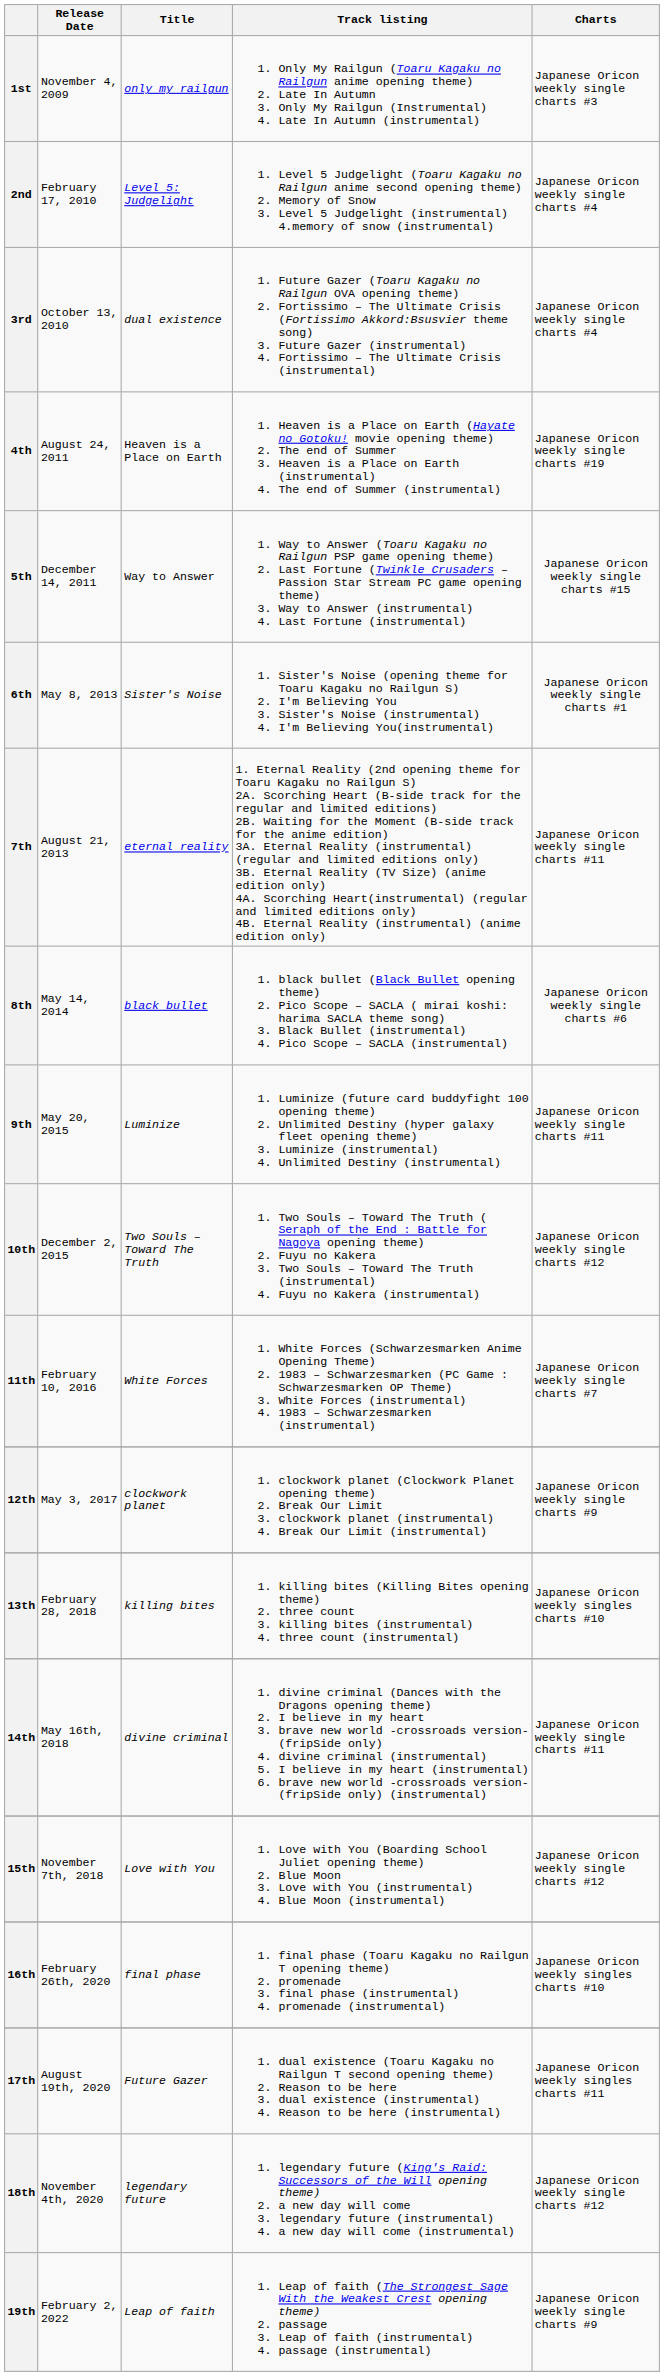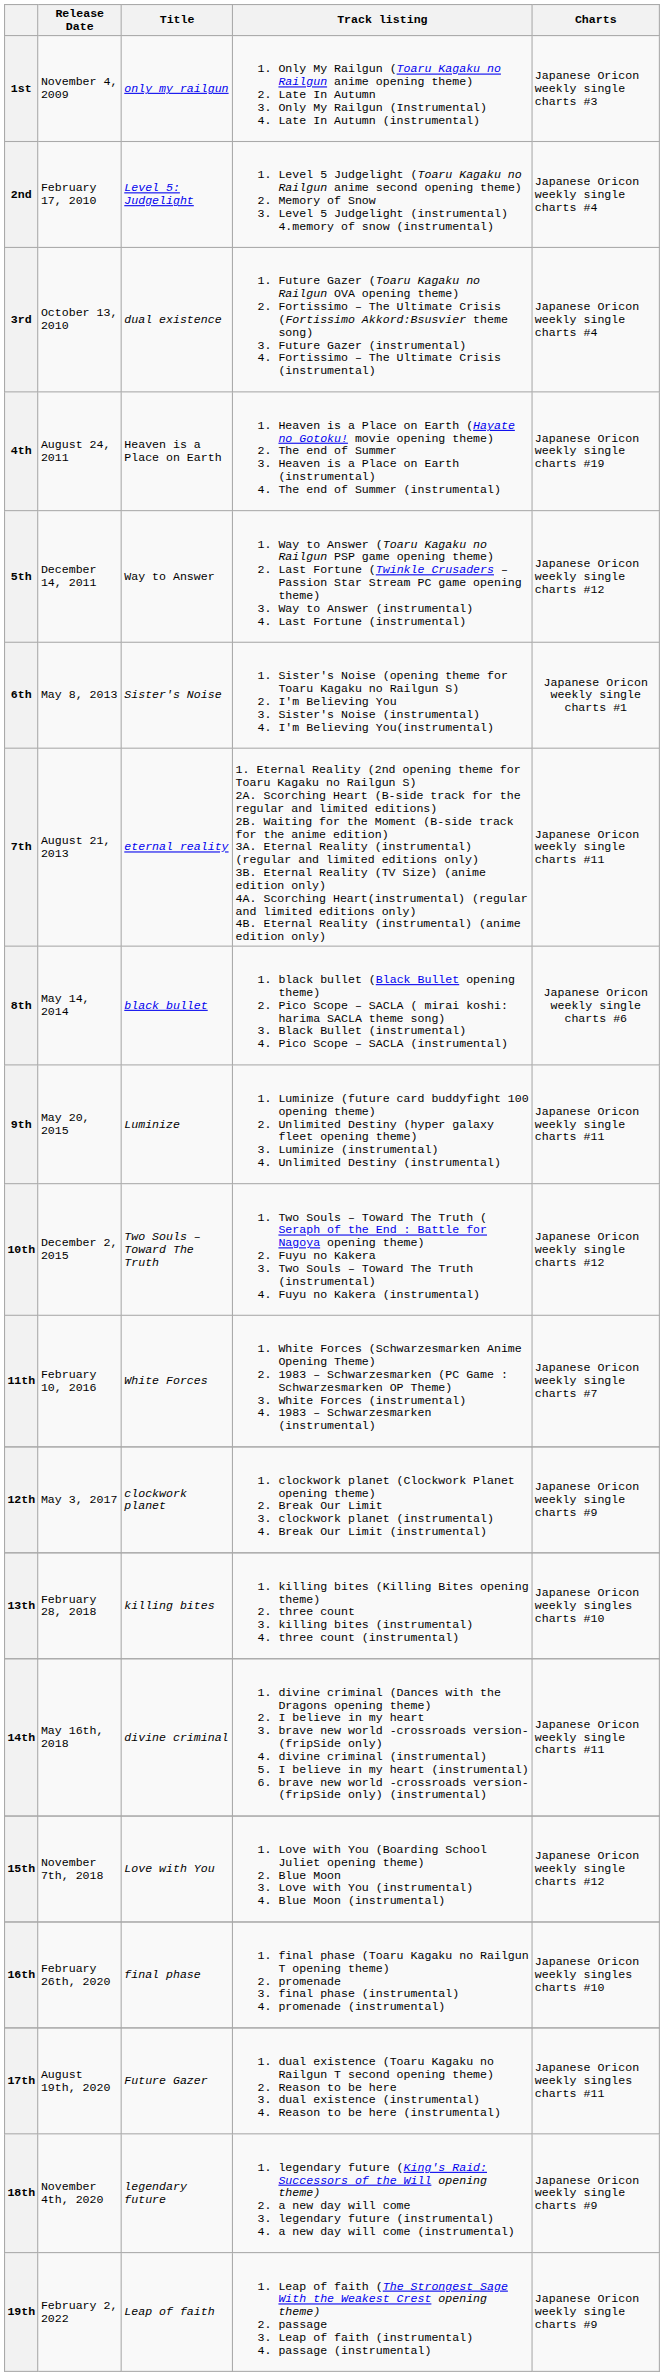 <table class="wikitable" style="font-size:smaller">
 <tr>
 <th> </th>
 <th>Release Date</th>
 <th>Title</th>
 <th>Track listing</th>
 <th>Charts</th>
 </tr>
 <tr>
 <th>1st</th>
 <td>November 4, 2009</td>
 <td><em><a href='#'>only my railgun</a></em></td>
 <td><br><ol><li>Only My Railgun (<em><a href='#'>Toaru Kagaku no Railgun</a></em> anime opening theme)</li><li>Late In Autumn</li><li>Only My Railgun (Instrumental)</li><li>Late In Autumn (instrumental)</li></ol></td>
 <td>Japanese Oricon weekly single charts #3</td>
 </tr>
 <tr>
 <th>2nd</th>
 <td>February 17, 2010</td>
 <td><em><a href='#'>Level 5: Judgelight</a></em></td>
 <td><br><ol><li>Level 5 Judgelight (<em>Toaru Kagaku no Railgun</em> anime second opening theme)</li><li>Memory of Snow</li><li>Level 5 Judgelight  (instrumental)<br>4.memory of snow (instrumental)</li></ol></td>
 <td>Japanese Oricon weekly single charts #4</td>
 </tr>
 <tr>
 <th>3rd</th>
 <td>October 13, 2010</td>
 <td><em>dual existence</em></td>
 <td><br><ol><li>Future Gazer (<em>Toaru Kagaku no Railgun</em> OVA opening theme)</li><li>Fortissimo – The Ultimate Crisis (<em>Fortissimo Akkord:Bsusvier</em> theme song)</li><li>Future Gazer (instrumental)</li><li>Fortissimo – The Ultimate Crisis (instrumental)</li></ol></td>
 <td>Japanese Oricon weekly single charts #4</td>
 </tr>
 <tr>
 <th>4th</th>
 <td>August 24, 2011</td>
 <td>Heaven is a Place on Earth</td>
 <td><br><ol><li>Heaven is a Place on Earth (<em><a href='#'>Hayate no Gotoku!</a></em> movie opening theme)</li><li>The end of Summer</li><li>Heaven is a Place on Earth (instrumental)</li><li>The end of Summer (instrumental)</li></ol></td>
 <td>Japanese Oricon  weekly single charts #19</td>
 </tr>
 <tr>
 <th>5th</th>
 <td>December 14, 2011</td>
 <td>Way to Answer</td>
 <td><br><ol><li>Way to Answer (<em>Toaru Kagaku no Railgun</em> PSP game opening theme)</li><li>Last Fortune (<em><a href='#'>Twinkle Crusaders</a></em> – Passion Star Stream PC game opening theme)</li><li>Way to Answer (instrumental)</li><li>Last Fortune (instrumental)</li></ol></td>
-<td align="center">Japanese Oricon weekly single charts #15</td>
+<td>Japanese Oricon weekly single charts #12</td>
 </tr>
 <tr>
 <th>6th</th>
 <td>May 8, 2013</td>
 <td><em>Sister's Noise</em></td>
 <td><br><ol><li>Sister's Noise (opening theme for Toaru Kagaku no Railgun S)</li><li>I'm Believing You</li><li>Sister's Noise (instrumental)</li><li>I'm Believing You(instrumental)</li></ol></td>
 <td align="center">Japanese Oricon weekly single charts #1</td>
 </tr>
 <tr>
 <th>7th</th>
 <td>August 21, 2013</td>
 <td><em><a href='#'>eternal reality</a></em></td>
 <td><br>1. Eternal Reality (2nd opening theme for Toaru Kagaku no Railgun S)<br>2A. Scorching Heart (B-side track for the regular and limited editions)<br>2B. Waiting for the Moment (B-side track for the anime edition)<br>3A. Eternal Reality (instrumental) (regular and limited editions only)<br>3B. Eternal Reality (TV Size) (anime edition only)<br>4A. Scorching Heart(instrumental) (regular and limited editions only)<br>4B. Eternal Reality (instrumental) (anime edition only)</td>
 <td>Japanese Oricon weekly single charts #11</td>
 </tr>
 <tr>
 <th>8th</th>
 <td>May 14, 2014</td>
 <td><em><a href='#'>black bullet</a></em></td>
 <td><br><ol><li>black bullet (<a href='#'>Black Bullet</a> opening theme)</li><li>Pico Scope – SACLA ( mirai koshi: harima SACLA theme song)</li><li>Black Bullet (instrumental)</li><li>Pico Scope – SACLA (instrumental)</li></ol></td>
 <td align="center">Japanese Oricon weekly single charts #6</td>
 </tr>
 <tr>
 <th>9th</th>
 <td>May 20, 2015</td>
 <td><em>Luminize</em></td>
 <td><br><ol><li>Luminize (future card buddyfight 100 opening theme)</li><li>Unlimited Destiny (hyper galaxy fleet opening theme)</li><li>Luminize (instrumental)</li><li>Unlimited Destiny (instrumental)</li></ol></td>
 <td>Japanese Oricon weekly single charts #11</td>
 </tr>
 <tr>
 <th>10th</th>
 <td>December 2, 2015</td>
 <td><em>Two Souls – Toward The Truth</em></td>
 <td><br><ol><li>Two Souls – Toward The Truth ( <a href='#'> Seraph of the End : Battle for Nagoya</a> opening theme)</li><li>Fuyu no Kakera</li><li>Two Souls – Toward The Truth (instrumental)</li><li>Fuyu no Kakera (instrumental)</li></ol></td>
 <td>Japanese Oricon weekly single charts #12</td>
 </tr>
 <tr>
 <th>11th</th>
 <td>February 10, 2016</td>
 <td><em>White Forces</em></td>
 <td><br><ol><li>White Forces (Schwarzesmarken Anime Opening Theme)</li><li>1983 – Schwarzesmarken (PC Game : Schwarzesmarken OP Theme)</li><li>White Forces (instrumental)</li><li>1983 – Schwarzesmarken (instrumental)</li></ol></td>
 <td>Japanese Oricon weekly single charts #7</td>
 </tr>
 <tr>
 </tr>
 <tr>
 <th>12th</th>
 <td>May 3, 2017</td>
 <td><em>clockwork planet</em></td>
 <td><br><ol><li>clockwork planet (Clockwork Planet opening theme)</li><li>Break Our Limit</li><li>clockwork planet (instrumental)</li><li>Break Our Limit (instrumental)</li></ol></td>
 <td>Japanese Oricon weekly single charts #9</td>
 </tr>
 <tr>
 </tr>
 <tr>
 <th>13th</th>
 <td>February 28, 2018</td>
 <td><em>killing bites</em></td>
 <td><br><ol><li>killing bites (Killing Bites opening theme)</li><li>three count</li><li>killing bites (instrumental)</li><li>three count (instrumental)</li></ol></td>
 <td>Japanese Oricon weekly singles charts #10</td>
 </tr>
 <tr>
 </tr>
 <tr>
 <th>14th</th>
 <td>May 16th, 2018</td>
 <td><em>divine criminal</em></td>
 <td><br><ol><li>divine criminal (Dances with the Dragons opening theme)</li><li>I believe in my heart</li><li>brave new world -crossroads version- (fripSide only)</li><li>divine criminal (instrumental)</li><li>I believe in my heart (instrumental)</li><li>brave new world -crossroads version- (fripSide only) (instrumental)</li></ol></td>
 <td>Japanese Oricon weekly single charts #11</td>
 </tr>
 <tr>
 </tr>
 <tr>
 <th>15th</th>
 <td>November 7th, 2018</td>
 <td><em>Love with You</em></td>
 <td><br><ol><li>Love with You (Boarding School Juliet opening theme)</li><li>Blue Moon</li><li>Love with You (instrumental)</li><li>Blue Moon (instrumental)</li></ol></td>
 <td>Japanese Oricon weekly single charts #12</td>
 </tr>
 <tr>
 </tr>
 <tr>
 <th>16th</th>
 <td>February 26th, 2020</td>
 <td><em>final phase</em></td>
 <td><br><ol><li>final phase (Toaru Kagaku no Railgun T opening theme)</li><li>promenade</li><li>final phase (instrumental)</li><li>promenade (instrumental)</li></ol></td>
 <td>Japanese Oricon weekly singles charts #10</td>
 </tr>
 <tr>
 </tr>
 <tr>
 <th>17th</th>
 <td>August 19th, 2020</td>
 <td><em>Future Gazer</em></td>
 <td><br><ol><li>dual existence (Toaru Kagaku no Railgun T second opening theme)</li><li>Reason to be here</li><li>dual existence (instrumental)</li><li>Reason to be here (instrumental)</li></ol></td>
 <td>Japanese Oricon weekly singles charts #11</td>
 </tr>
 <tr>
 <th>18th</th>
 <td>November 4th, 2020</td>
 <td><em>legendary future</em></td>
 <td><br><ol><li>legendary future (<em><a href='#'>King's Raid: Successors of the Will</a> opening theme)</em></li><li>a new day will come</li><li>legendary future (instrumental)</li><li>a new day will come (instrumental)</li></ol></td>
-<td>Japanese Oricon weekly single charts #12</td>
+<td>Japanese Oricon weekly single charts #9</td>
 </tr>
 <tr>
 <th>19th</th>
 <td>February 2, 2022</td>
 <td><em>Leap of faith</em></td>
 <td><br><ol><li>Leap of faith (<em><a href='#'>The Strongest Sage With the Weakest Crest</a> opening theme)</em></li><li>passage</li><li>Leap of faith (instrumental)</li><li>passage (instrumental)</li></ol></td>
 <td>Japanese Oricon weekly single charts #9</td>
 </tr>
 </table>
